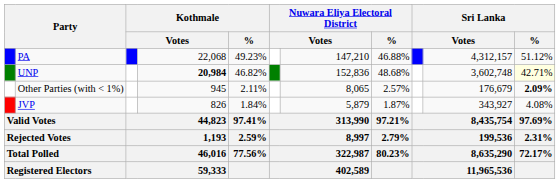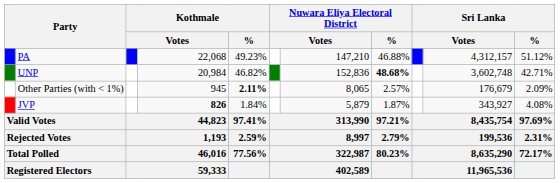 <table class="wikitable">
 <tr>
 <th colspan="2" width="144px"rowspan="2">Party</th>
 <th colspan="3" width="216px">Kothmale</th>
 <th colspan="3" width="216px"><a href='#'>Nuwara Eliya Electoral District</a></th>
 <th colspan="3" width="216px">Sri Lanka</th>
 </tr>
 <tr>
 <th colspan="2" width="144px">Votes</th>
 <th>%</th>
 <th colspan="2" width="144px">Votes</th>
 <th>%</th>
 <th colspan="2" width="144px">Votes</th>
 <th>%</th>
 </tr>
 <tr>
 <td style="background-color:blue;" width="10px"></td>
 <td style="text-align:left;"><a href='#'>PA</a></td>
 <td style="background-color:blue;" width="10px"></td>
 <td style="text-align:right;">22,068</td>
 <td style="text-align:right;">49.23%</td>
 <td style="background-color:white;" width="10px"></td>
 <td style="text-align:right;">147,210</td>
 <td style="text-align:right;">46.88%</td>
 <td style="background-color:blue;" width="10px"></td>
 <td style="text-align:right;">4,312,157</td>
 <td style="text-align:right;">51.12%</td>
 </tr>
 <tr>
 <td style="background-color:green;" width="10px"></td>
 <td style="text-align:left;"><a href='#'>UNP</a></td>
 <td style="background-color:white;" width="10px"></td>
-<td style="text-align:right;"><strong>20,984</strong></td>
+<td style="text-align:right;">20,984</td>
 <td style="text-align:right;">46.82%</td>
 <td style="background-color:green;" width="10px"></td>
 <td style="text-align:right;">152,836</td>
-<td style="text-align:right;">48.68%</td>
+<td style="text-align:right;"><strong>48.68%</strong></td>
 <td style="background-color:white;" width="10px"></td>
 <td style="text-align:right;">3,602,748</td>
-<td style="background: lightyellow; text-align:right;">42.71%</td>
+<td style="text-align:right;">42.71%</td>
 </tr>
 <tr>
 <td style="background-color:white;" width="10px"></td>
 <td style="text-align:left;">Other Parties (with < 1%)</td>
 <td style="background-color:white;" width="10px"></td>
 <td style="text-align:right;">945</td>
-<td style="text-align:right;">2.11%</td>
+<td style="text-align:right;"><strong>2.11%</strong></td>
 <td style="background-color:white;" width="10px"></td>
 <td style="text-align:right;">8,065</td>
 <td style="text-align:right;">2.57%</td>
 <td style="background-color:white;" width="10px"></td>
 <td style="text-align:right;">176,679</td>
-<td style="text-align:right;"><strong>2.09%</strong></td>
+<td style="text-align:right;">2.09%</td>
 </tr>
 <tr>
 <td style="background-color:red;" width="10px"></td>
 <td style="text-align:left;"><a href='#'>JVP</a></td>
 <td style="background-color:white;" width="10px"></td>
-<td style="text-align:right;">826</td>
+<td style="text-align:right;"><strong>826</strong></td>
 <td style="text-align:right;">1.84%</td>
 <td style="background-color:white;" width="10px"></td>
 <td style="text-align:right;">5,879</td>
 <td style="text-align:right;">1.87%</td>
 <td style="background-color:white;" width="10px"></td>
 <td style="text-align:right;">343,927</td>
 <td style="text-align:right;">4.08%</td>
 </tr>
 <tr>
 <th colspan="2" width="144px"style="text-align:left;">Valid Votes</th>
 <th style="text-align:right;"colspan="2" width="144px">44,823</th>
 <th style="text-align:right;">97.41%</th>
 <th style="text-align:right;"colspan="2" width="144px">313,990</th>
 <th style="text-align:right;">97.21%</th>
 <th style="text-align:right;"colspan="2" width="144px">8,435,754</th>
 <th style="text-align:right;">97.69%</th>
 </tr>
 <tr>
 <th colspan="2" width="144px"style="text-align:left;">Rejected Votes</th>
 <th style="text-align:right;"colspan="2" width="144px">1,193</th>
 <th style="text-align:right;">2.59%</th>
 <th style="text-align:right;"colspan="2" width="144px">8,997</th>
 <th style="text-align:right;">2.79%</th>
 <th style="text-align:right;"colspan="2" width="144px">199,536</th>
 <th style="text-align:right;">2.31%</th>
 </tr>
 <tr>
 <th colspan="2" width="144px"style="text-align:left;">Total Polled</th>
 <th style="text-align:right;"colspan="2" width="144px">46,016</th>
 <th style="text-align:right;">77.56%</th>
 <th style="text-align:right;"colspan="2" width="144px">322,987</th>
 <th style="text-align:right;">80.23%</th>
 <th style="text-align:right;"colspan="2" width="144px">8,635,290</th>
 <th style="text-align:right;">72.17%</th>
 </tr>
 <tr>
 <th colspan="2" width="144px"style="text-align:left;">Registered Electors</th>
 <th style="text-align:right;"colspan="2" width="144px">59,333</th>
 <th></th>
 <th style="text-align:right;"colspan="2" width="144px">402,589</th>
 <th></th>
 <th style="text-align:right;"colspan="2" width="144px">11,965,536</th>
 <th></th>
 </tr>
 </table>
